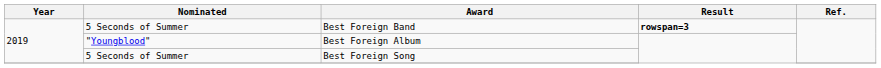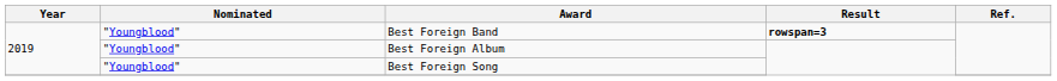 <table class="wikitable" style="width:100%;">
 <tr>
 <th width=5%>Year</th>
 <th style="width:15%;">Nominated</th>
 <th style="width:20%;">Award</th>
 <th style="width:10%;">Result</th>
 <th style="width:5%;">Ref.</th>
 </tr>
 <tr>
 <td rowspan="3">2019</td>
-<td>5 Seconds of Summer</td>
+<td>"<a href='#'>Youngblood</a>" </td>
 <td>Best Foreign Band</td>
 <td><strong>rowspan=3 </strong></td>
 <td rowspan=3></td>
 </tr>
 <tr>
 <td>"<a href='#'>Youngblood</a>" </td>
 <td>Best Foreign Album</td>
 </tr>
 <tr>
-<td>5 Seconds of Summer</td>
+<td>"<a href='#'>Youngblood</a>" </td>
 <td>Best Foreign Song</td>
 </tr>
 <tr>
 </tr>
 </table>
